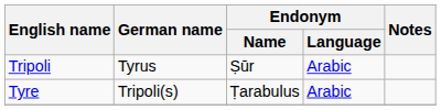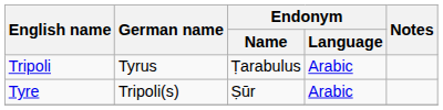 <table class="wikitable sortable mw-collapsible">
 <tr>
 <th rowspan="2">English name</th>
 <th rowspan="2">German name</th>
 <th colspan="2">Endonym</th>
 <th rowspan="2">Notes</th>
 </tr>
 <tr>
 <th>Name</th>
 <th>Language</th>
 </tr>
 <tr>
 <td><a href='#'>Tripoli</a></td>
 <td>Tyrus</td>
-<td>Ṣūr</td>
+<td>Ṭarabulus</td>
 <td><a href='#'>Arabic</a></td>
 <td></td>
 </tr>
 <tr>
 <td><a href='#'>Tyre</a></td>
 <td>Tripoli(s)</td>
-<td>Ṭarabulus</td>
+<td>Ṣūr</td>
 <td><a href='#'>Arabic</a></td>
 <td></td>
 </tr>
 <tr>
 </tr>
 </table>
